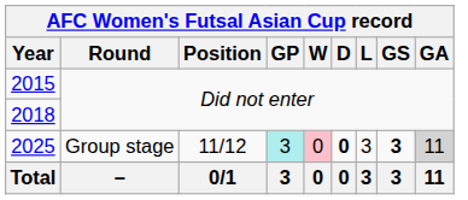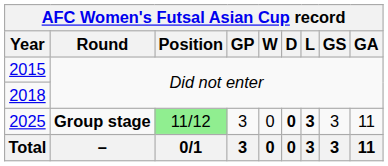 <table class="wikitable" style="text-align: center;font-size:90%;">
 <tr>
 <th colspan=9><a href='#'>AFC Women's Futsal Asian Cup</a> record</th>
 </tr>
 <tr>
 <th>Year</th>
 <th>Round</th>
 <th>Position</th>
 <th>GP</th>
 <th>W</th>
 <th>D</th>
 <th>L</th>
 <th>GS</th>
 <th>GA</th>
 </tr>
 <tr>
 <td> <a href='#'>2015</a></td>
 <td colspan=8 rowspan=2><em>Did not enter</em></td>
 </tr>
 <tr>
 <td> <a href='#'>2018</a></td>
 </tr>
 <tr>
 <td> <a href='#'>2025</a></td>
-<td>Group stage</td>
-<td>11/12</td>
-<td style="background: paleturquoise;">3</td>
-<td style="background: pink;">0</td>
+<td><strong>Group stage</strong></td>
+<td style="background: lightgreen;">11/12</td>
+<td>3</td>
+<td>0</td>
 <td><strong>0</strong></td>
+<td><strong>3</strong></td>
 <td>3</td>
-<td><strong>3</strong></td>
-<td style="background: lightgrey;">11</td>
+<td>11</td>
 </tr>
 <tr>
 <th><strong>Total</strong></th>
 <th>–</th>
 <th><strong>0/1</strong></th>
 <th><strong>3</strong></th>
 <th><strong>0</strong></th>
 <th><strong>0</strong></th>
 <th><strong>3</strong></th>
 <th><strong>3</strong></th>
 <th><strong>11</strong></th>
 </tr>
 </table>
